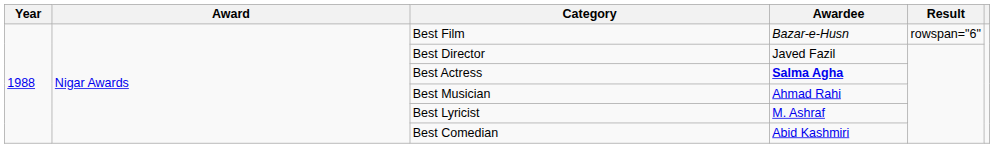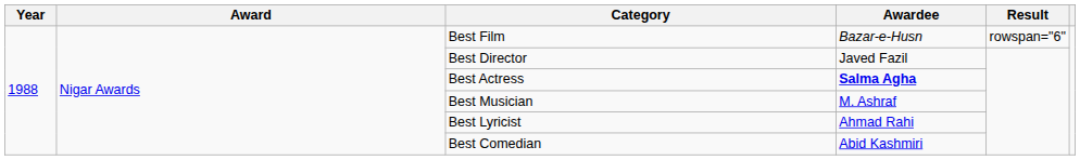 <table class="wikitable sortable" width=100%>
 <tr>
 <th width=5%>Year</th>
 <th style="width:40%;">Award</th>
 <th style="width:40%;">Category</th>
 <th style="width:40%;">Awardee</th>
 <th style="width:10%;">Result</th>
 <th width=5%></th>
 </tr>
 <tr>
 <td rowspan="6"><a href='#'>1988</a></td>
 <td rowspan="6"><a href='#'>Nigar Awards</a></td>
 <td>Best Film</td>
 <td><em>Bazar-e-Husn</em></td>
 <td>rowspan="6"</td>
 <td rowspan="6"></td>
 </tr>
 <tr>
 <td>Best Director</td>
 <td>Javed Fazil</td>
 </tr>
 <tr>
 <td>Best Actress</td>
 <td><strong><a href='#'>Salma Agha</a></strong></td>
 </tr>
 <tr>
 <td>Best Musician</td>
-<td><a href='#'>Ahmad Rahi</a></td>
+<td><a href='#'>M. Ashraf</a></td>
 </tr>
 <tr>
 <td>Best Lyricist</td>
-<td><a href='#'>M. Ashraf</a></td>
+<td><a href='#'>Ahmad Rahi</a></td>
 </tr>
 <tr>
 <td>Best Comedian</td>
 <td><a href='#'>Abid Kashmiri</a></td>
 </tr>
 </table>
